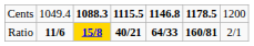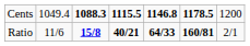 <table class="wikitable" style="text-align:center;">
 <tr>
 <td>Cents</td>
 <td>1049.4</td>
 <td><strong>1088.3</strong></td>
 <td><strong>1115.5</strong></td>
 <td><strong>1146.8</strong></td>
 <td><strong>1178.5</strong></td>
 <td>1200</td>
 </tr>
 <tr>
 <td>Ratio</td>
-<td><strong>11/6</strong></td>
-<td style="background: gold;"><strong><a href='#'>15/8</a></strong></td>
+<td>11/6</td>
+<td><strong><a href='#'>15/8</a></strong></td>
 <td><strong>40/21</strong></td>
 <td><strong>64/33</strong></td>
 <td><strong>160/81</strong></td>
 <td>2/1</td>
 </tr>
 </table>
